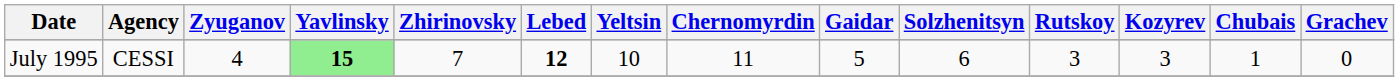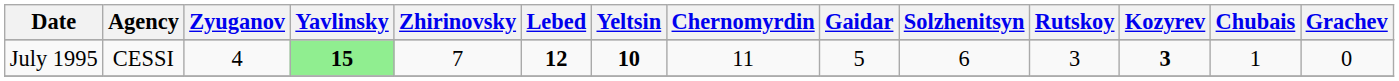 <table class=wikitable style=text-align:center>
 <tr>
 <th>Date</th>
 <th>Agency</th>
 <th><a href='#'>Zyuganov</a></th>
 <th><a href='#'>Yavlinsky</a></th>
 <th><a href='#'>Zhirinovsky</a></th>
 <th><a href='#'>Lebed</a></th>
 <th><a href='#'>Yeltsin</a></th>
 <th><a href='#'>Chernomyrdin</a></th>
 <th><a href='#'>Gaidar</a></th>
 <th><a href='#'>Solzhenitsyn</a></th>
 <th><a href='#'>Rutskoy</a></th>
 <th><a href='#'>Kozyrev</a></th>
 <th><a href='#'>Chubais</a></th>
 <th><a href='#'>Grachev</a></th>
 </tr>
 <tr>
 </tr>
 <tr>
 <td>July 1995</td>
 <td>CESSI</td>
 <td>4</td>
 <td style="background:#90ee90"><strong>15</strong></td>
 <td>7</td>
 <td><strong>12</strong></td>
-<td>10</td>
+<td><strong>10</strong></td>
 <td>11</td>
 <td>5</td>
 <td>6</td>
 <td>3</td>
-<td>3</td>
+<td><strong>3</strong></td>
 <td>1</td>
 <td>0</td>
 </tr>
 <tr>
 </tr>
 </table>
